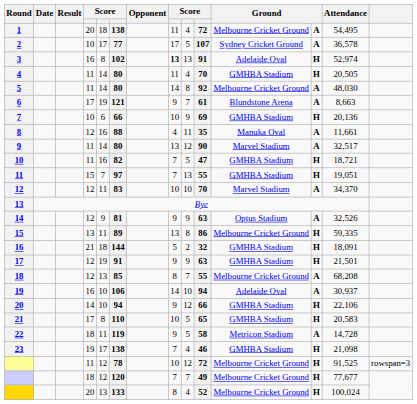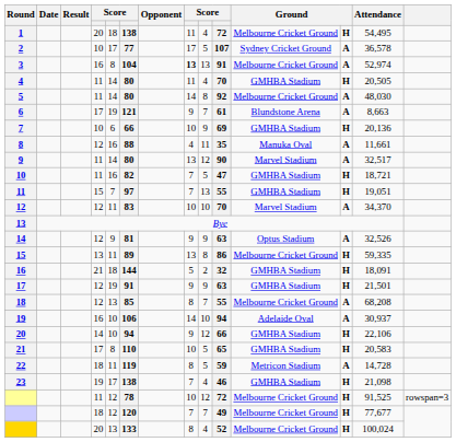 <table class="wikitable plainrowheaders sortable" style="font-size:90%; text-align:center;">
 <tr>
 <th scope="col" rowspan="2">Round</th>
 <th scope="col" rowspan="2">Date</th>
 <th scope="col" rowspan="2">Result</th>
 <th scope="col" colspan="3">Score</th>
 <th scope="col" rowspan="2">Opponent</th>
 <th scope="col" colspan="3">Score</th>
 <th scope="col" rowspan="2" colspan="2">Ground</th>
 <th scope="col" rowspan="2">Attendance</th>
 <th scope="col" rowspan="2"></th>
 </tr>
 <tr>
 <th scope="col"></th>
 <th scope="col"></th>
 <th scope="col"></th>
 <th scope="col"></th>
 <th scope="col"></th>
 <th scope="col"></th>
 </tr>
 <tr>
 <th scope="row" style="text-align:center;"><a href='#'>1</a></th>
 <td></td>
 <td></td>
 <td>20</td>
 <td>18</td>
 <th>138</th>
 <td></td>
 <td>11</td>
 <td>4</td>
 <th>72</th>
 <td><a href='#'>Melbourne Cricket Ground</a></td>
-<td><strong>A</strong></td>
+<td><strong>H</strong></td>
 <td>54,495</td>
 <td></td>
 </tr>
 <tr>
 <th scope="row" style="text-align:center;"><a href='#'>2</a></th>
 <td></td>
 <td></td>
 <td>10</td>
 <td>17</td>
 <th>77</th>
 <td></td>
 <td>17</td>
 <td>5</td>
 <th>107</th>
 <td><a href='#'>Sydney Cricket Ground</a></td>
 <td><strong>A</strong></td>
 <td>36,578</td>
 <td></td>
 </tr>
 <tr>
 <th scope="row" style="text-align:center;"><a href='#'>3</a></th>
 <td></td>
 <td></td>
 <td>16</td>
 <td>8</td>
-<th>102</th>
+<th>104</th>
 <td></td>
 <td><strong>13</strong></td>
 <td>13</td>
 <th>91</th>
-<td><a href='#'>Adelaide Oval</a></td>
-<td><strong>H</strong></td>
+<td><a href='#'>Melbourne Cricket Ground</a></td>
+<td><strong>A</strong></td>
 <td>52,974</td>
 <td></td>
 </tr>
 <tr>
 <th scope="row" style="text-align:center;"><a href='#'>4</a></th>
 <td></td>
 <td></td>
 <td>11</td>
 <td>14</td>
 <th>80</th>
 <td></td>
 <td>11</td>
 <td>4</td>
 <th>70</th>
 <td><a href='#'>GMHBA Stadium</a></td>
 <td><strong>H</strong></td>
 <td>20,505</td>
 <td></td>
 </tr>
 <tr>
 <th scope="row" style="text-align:center;"><a href='#'>5</a></th>
 <td></td>
 <td></td>
 <td>11</td>
 <td>14</td>
 <th>80</th>
 <td></td>
 <td>14</td>
 <td>8</td>
 <th>92</th>
 <td><a href='#'>Melbourne Cricket Ground</a></td>
 <td><strong>A</strong></td>
 <td>48,030</td>
 <td></td>
 </tr>
 <tr>
 <th scope="row" style="text-align:center;"><a href='#'>6</a></th>
 <td></td>
 <td></td>
 <td>17</td>
 <td>19</td>
 <th>121</th>
 <td></td>
 <td>9</td>
 <td>7</td>
 <th>61</th>
 <td><a href='#'>Blundstone Arena</a></td>
 <td><strong>A</strong></td>
 <td>8,663</td>
 <td></td>
 </tr>
 <tr>
 <th scope="row" style="text-align:center;"><a href='#'>7</a></th>
 <td></td>
 <td></td>
 <td>10</td>
 <td>6</td>
 <th>66</th>
 <td></td>
 <td>10</td>
 <td>9</td>
 <th>69</th>
 <td><a href='#'>GMHBA Stadium</a></td>
 <td><strong>H</strong></td>
 <td>20,136</td>
 <td></td>
 </tr>
 <tr>
 <th scope="row" style="text-align:center;"><a href='#'>8</a></th>
 <td></td>
 <td></td>
 <td>12</td>
 <td>16</td>
 <th>88</th>
 <td></td>
 <td>4</td>
 <td>11</td>
 <th>35</th>
 <td><a href='#'>Manuka Oval</a></td>
 <td><strong>A</strong></td>
 <td>11,661</td>
 <td></td>
 </tr>
 <tr>
 <th scope="row" style="text-align:center;"><a href='#'>9</a></th>
 <td></td>
 <td></td>
 <td>11</td>
 <td>14</td>
 <th>80</th>
 <td></td>
 <td>13</td>
 <td>12</td>
 <th>90</th>
 <td><a href='#'>Marvel Stadium</a></td>
 <td><strong>A</strong></td>
 <td>32,517</td>
 <td></td>
 </tr>
 <tr>
 <th scope="row" style="text-align:center;"><a href='#'>10</a></th>
 <td></td>
 <td></td>
 <td>11</td>
 <td>16</td>
 <th>82</th>
 <td></td>
 <td>7</td>
 <td>5</td>
 <th>47</th>
 <td><a href='#'>GMHBA Stadium</a></td>
 <td><strong>H</strong></td>
 <td>18,721</td>
 <td></td>
 </tr>
 <tr>
 <th scope="row" style="text-align:center;"><a href='#'>11</a></th>
 <td></td>
 <td></td>
 <td>15</td>
 <td>7</td>
 <th>97</th>
 <td></td>
 <td>7</td>
 <td>13</td>
 <th>55</th>
 <td><a href='#'>GMHBA Stadium</a></td>
 <td><strong>H</strong></td>
 <td>19,051</td>
 <td></td>
 </tr>
 <tr>
 <th scope="row" style="text-align:center;"><a href='#'>12</a></th>
 <td></td>
 <td></td>
 <td>12</td>
 <td>11</td>
 <th>83</th>
 <td></td>
 <td>10</td>
 <td>10</td>
 <th>70</th>
 <td><a href='#'>Marvel Stadium</a></td>
 <td><strong>A</strong></td>
 <td>34,370</td>
 <td></td>
 </tr>
 <tr>
 <th scope="row" style="text-align:center;"><a href='#'>13</a></th>
 <td colspan=12> <em><a href='#'>Bye</a></em></td>
 <td></td>
 </tr>
 <tr>
 <th scope="row" style="text-align:center;"><a href='#'>14</a></th>
 <td></td>
 <td></td>
 <td>12</td>
 <td>9</td>
 <th>81</th>
 <td></td>
 <td>9</td>
 <td>9</td>
 <th>63</th>
 <td><a href='#'>Optus Stadium</a></td>
 <td><strong>A</strong></td>
 <td>32,526</td>
 <td></td>
 </tr>
 <tr>
 <th scope="row" style="text-align:center;"><a href='#'>15</a></th>
 <td></td>
 <td></td>
 <td>13</td>
 <td>11</td>
 <th>89</th>
 <td></td>
 <td>13</td>
 <td>8</td>
 <th>86</th>
 <td><a href='#'>Melbourne Cricket Ground</a></td>
 <td><strong>H</strong></td>
 <td>59,335</td>
 <td></td>
 </tr>
 <tr>
 <th scope="row" style="text-align:center;"><a href='#'>16</a></th>
 <td></td>
 <td></td>
 <td>21</td>
 <td>18</td>
 <th>144</th>
 <td></td>
 <td>5</td>
 <td>2</td>
 <th>32</th>
 <td><a href='#'>GMHBA Stadium</a></td>
 <td><strong>H</strong></td>
 <td>18,091</td>
 <td></td>
 </tr>
 <tr>
 <th scope="row" style="text-align:center;"><a href='#'>17</a></th>
 <td></td>
 <td></td>
 <td>12</td>
 <td>19</td>
 <th>91</th>
 <td></td>
 <td>9</td>
 <td>9</td>
 <th>63</th>
 <td><a href='#'>GMHBA Stadium</a></td>
 <td><strong>H</strong></td>
 <td>21,501</td>
 <td></td>
 </tr>
 <tr>
 <th scope="row" style="text-align:center;"><a href='#'>18</a></th>
 <td></td>
 <td></td>
 <td>12</td>
 <td>13</td>
 <th>85</th>
 <td></td>
 <td>8</td>
 <td>7</td>
 <th>55</th>
 <td><a href='#'>Melbourne Cricket Ground</a></td>
 <td><strong>A</strong></td>
 <td>68,208</td>
 <td></td>
 </tr>
 <tr>
 <th scope="row" style="text-align:center;"><a href='#'>19</a></th>
 <td></td>
 <td></td>
 <td>16</td>
 <td>10</td>
 <th>106</th>
 <td></td>
 <td>14</td>
 <td>10</td>
 <th>94</th>
 <td><a href='#'>Adelaide Oval</a></td>
 <td><strong>A</strong></td>
 <td>30,937</td>
 <td></td>
 </tr>
 <tr>
 <th scope="row" style="text-align:center;"><a href='#'>20</a></th>
 <td></td>
 <td></td>
 <td>14</td>
 <td>10</td>
 <th>94</th>
 <td></td>
 <td>9</td>
 <td>12</td>
 <th>66</th>
 <td><a href='#'>GMHBA Stadium</a></td>
 <td><strong>H</strong></td>
 <td>22,106</td>
 <td></td>
 </tr>
 <tr>
 <th scope="row" style="text-align:center;"><a href='#'>21</a></th>
 <td></td>
 <td></td>
 <td>17</td>
 <td>8</td>
 <th>110</th>
 <td></td>
 <td>10</td>
 <td>5</td>
 <th>65</th>
 <td><a href='#'>GMHBA Stadium</a></td>
 <td><strong>H</strong></td>
 <td>20,583</td>
 <td></td>
 </tr>
 <tr>
 <th scope="row" style="text-align:center;"><a href='#'>22</a></th>
 <td></td>
 <td></td>
 <td>18</td>
 <td>11</td>
 <th>119</th>
 <td></td>
-<td>9</td>
+<td>8</td>
 <td>5</td>
-<th>58</th>
+<th>59</th>
 <td><a href='#'>Metricon Stadium</a></td>
 <td><strong>A</strong></td>
 <td>14,728</td>
 <td></td>
 </tr>
 <tr>
 <th scope="row" style="text-align:center;"><a href='#'>23</a></th>
 <td></td>
 <td></td>
 <td>19</td>
 <td>17</td>
 <th>138</th>
 <td></td>
 <td>7</td>
 <td>4</td>
 <th>46</th>
 <td><a href='#'>GMHBA Stadium</a></td>
 <td><strong>H</strong></td>
 <td>21,098</td>
 <td></td>
 </tr>
 <tr>
 <th scope="row" style="background:#ff9; text-align:center;"></th>
 <td></td>
 <td></td>
 <td>11</td>
 <td>12</td>
 <th>78</th>
 <td></td>
 <td>10</td>
 <td>12</td>
 <th>72</th>
 <td><a href='#'>Melbourne Cricket Ground</a></td>
 <td><strong>H</strong></td>
 <td>91,525</td>
 <td>rowspan=3 </td>
 </tr>
 <tr>
 <th scope="row" style="background:#ccf; text-align:center;"></th>
 <td></td>
 <td></td>
 <td>18</td>
 <td>12</td>
 <th>120</th>
 <td></td>
 <td>7</td>
 <td>7</td>
 <th>49</th>
 <td><a href='#'>Melbourne Cricket Ground</a></td>
 <td><strong>H</strong></td>
 <td>77,677</td>
 </tr>
 <tr>
 <th scope="row" style="background:gold; text-align:center;"></th>
 <td></td>
 <td></td>
 <td>20</td>
 <td>13</td>
 <th>133</th>
 <td></td>
 <td>8</td>
 <td>4</td>
 <th>52</th>
 <td><a href='#'>Melbourne Cricket Ground</a></td>
 <td><strong>H</strong></td>
 <td>100,024</td>
 </tr>
 </table>
